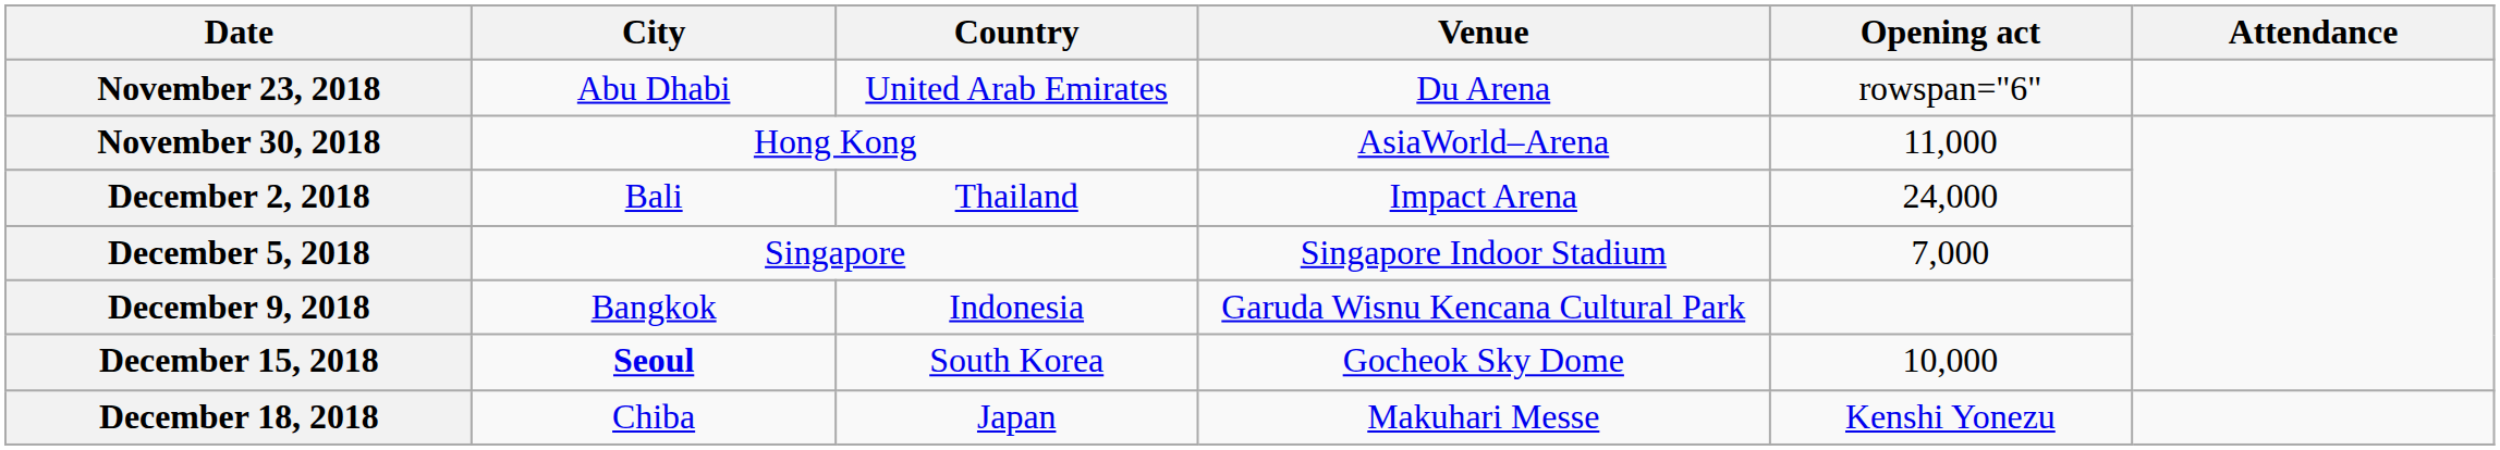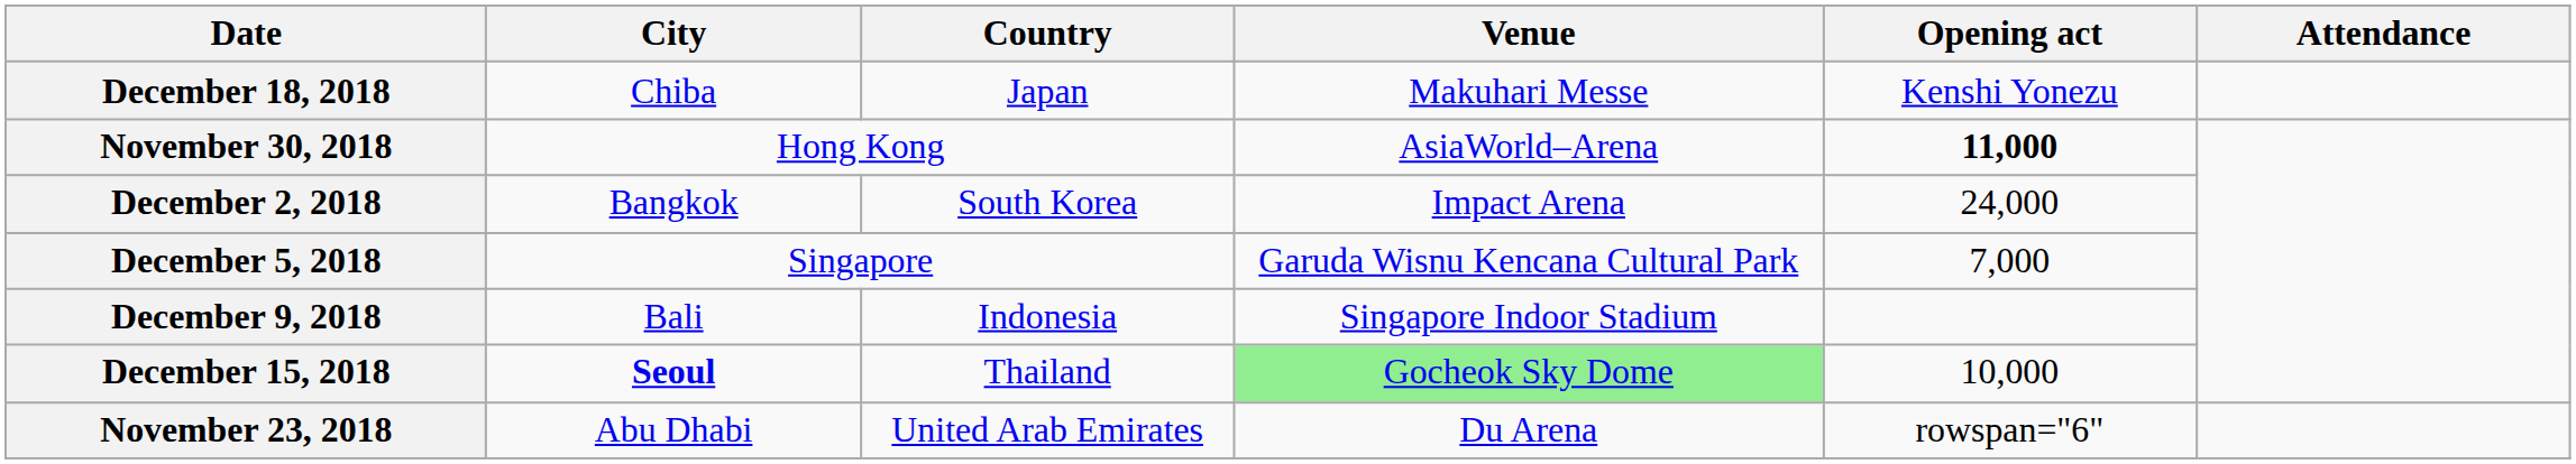 <table class="wikitable plainrowheaders" style="text-align:center;">
 <tr>
 <th scope="col" style="width:13em;">Date</th>
 <th scope="col" style="width:10em;">City</th>
 <th scope="col" style="width:10em;">Country</th>
 <th scope="col" style="width:16em;">Venue</th>
 <th scope="col" style="width:10em;">Opening act</th>
 <th scope="col" style="width:10em;">Attendance</th>
 </tr>
 <tr>
+<th scope="row" style="text-align:center; width:10em;">December 18, 2018</th>
+<td><a href='#'>Chiba</a></td>
+<td><a href='#'>Japan</a></td>
+<td><a href='#'>Makuhari Messe</a></td>
+<td><a href='#'>Kenshi Yonezu</a></td>
+<td></td>
+</tr>
+<tr>
+<th scope="row" style="text-align:center; width:10em;">November 30, 2018</th>
+<td colspan="2"><a href='#'>Hong Kong</a></td>
+<td><a href='#'>AsiaWorld–Arena</a></td>
+<td><strong>11,000</strong></td>
+</tr>
+<tr>
+<th scope="row" style="text-align:center; width:10em;">December 2, 2018</th>
+<td><a href='#'>Bangkok</a></td>
+<td><a href='#'>South Korea</a></td>
+<td><a href='#'>Impact Arena</a></td>
+<td>24,000</td>
+</tr>
+<tr>
+<th scope="row" style="text-align:center; width:10em;">December 5, 2018</th>
+<td colspan="2"><a href='#'>Singapore</a></td>
+<td><a href='#'>Garuda Wisnu Kencana Cultural Park</a></td>
+<td>7,000</td>
+</tr>
+<tr>
+<th scope="row" style="text-align:center; width:10em;">December 9, 2018</th>
+<td><a href='#'>Bali</a></td>
+<td><a href='#'>Indonesia</a></td>
+<td><a href='#'>Singapore Indoor Stadium</a></td>
+<td></td>
+</tr>
+<tr>
+<th scope="row" style="text-align:center; width:10em;">December 15, 2018</th>
+<td><strong><a href='#'>Seoul</a></strong></td>
+<td><a href='#'>Thailand</a></td>
+<td style="background: lightgreen;"><a href='#'>Gocheok Sky Dome</a></td>
+<td>10,000</td>
+</tr>
+<tr>
 <th scope="row" style="text-align:center; width:10em;">November 23, 2018</th>
 <td><a href='#'>Abu Dhabi</a></td>
 <td><a href='#'>United Arab Emirates</a></td>
 <td><a href='#'>Du Arena</a></td>
 <td>rowspan="6" </td>
 <td></td>
 </tr>
-<tr>
-<th scope="row" style="text-align:center; width:10em;">November 30, 2018</th>
-<td colspan="2"><a href='#'>Hong Kong</a></td>
-<td><a href='#'>AsiaWorld–Arena</a></td>
-<td>11,000</td>
-</tr>
-<tr>
-<th scope="row" style="text-align:center; width:10em;">December 2, 2018</th>
-<td><a href='#'>Bali</a></td>
-<td><a href='#'>Thailand</a></td>
-<td><a href='#'>Impact Arena</a></td>
-<td>24,000</td>
-</tr>
-<tr>
-<th scope="row" style="text-align:center; width:10em;">December 5, 2018</th>
-<td colspan="2"><a href='#'>Singapore</a></td>
-<td><a href='#'>Singapore Indoor Stadium</a></td>
-<td>7,000</td>
-</tr>
-<tr>
-<th scope="row" style="text-align:center; width:10em;">December 9, 2018</th>
-<td><a href='#'>Bangkok</a></td>
-<td><a href='#'>Indonesia</a></td>
-<td><a href='#'>Garuda Wisnu Kencana Cultural Park</a></td>
-<td></td>
-</tr>
-<tr>
-<th scope="row" style="text-align:center; width:10em;">December 15, 2018</th>
-<td><strong><a href='#'>Seoul</a></strong></td>
-<td><a href='#'>South Korea</a></td>
-<td><a href='#'>Gocheok Sky Dome</a></td>
-<td>10,000</td>
-</tr>
-<tr>
-<th scope="row" style="text-align:center; width:10em;">December 18, 2018</th>
-<td><a href='#'>Chiba</a></td>
-<td><a href='#'>Japan</a></td>
-<td><a href='#'>Makuhari Messe</a></td>
-<td><a href='#'>Kenshi Yonezu</a></td>
-<td></td>
-</tr>
 </table>
